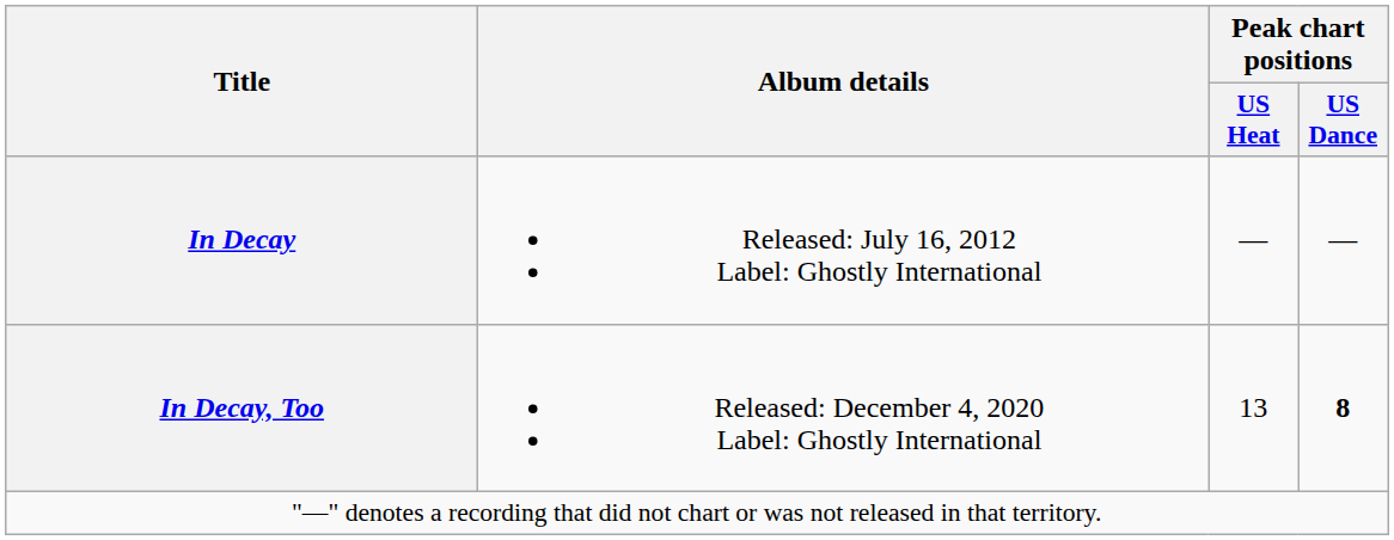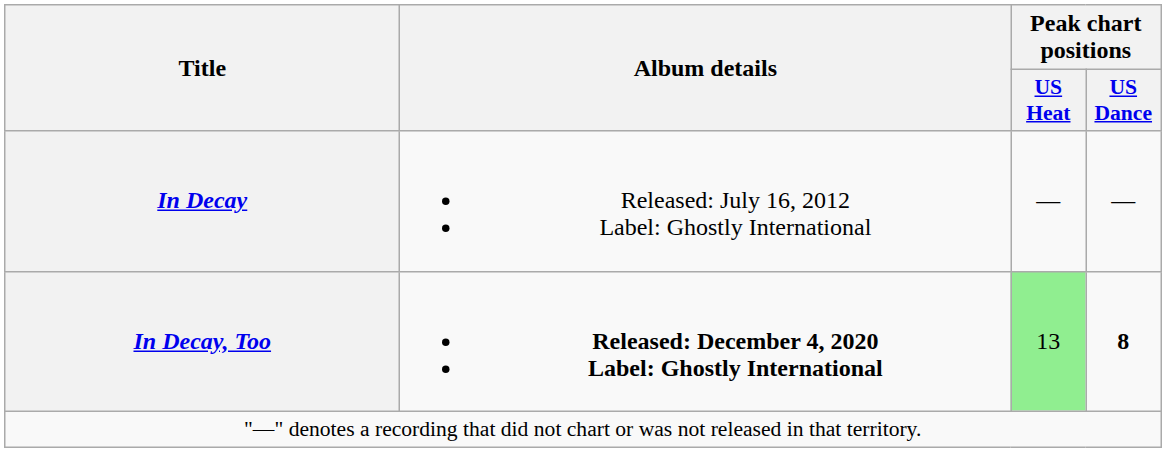 <table class="wikitable plainrowheaders" style="text-align:center;">
 <tr>
 <th scope="col" rowspan="2" style="width:16em;">Title</th>
 <th scope="col" rowspan="2" style="width:25em;">Album details</th>
 <th scope="col" colspan="2">Peak chart positions</th>
 </tr>
 <tr>
 <th scope="col" class="unsortable" style="width:3em; font-size:90%;"><a href='#'>US<br>Heat</a><br></th>
 <th scope="col" class="unsortable" style="width:3em;font-size:90%;"><a href='#'>US<br>Dance</a><br></th>
 </tr>
 <tr>
 <th scope="row"><em><a href='#'>In Decay</a></em></th>
 <td><br><ul><li>Released: July 16, 2012</li><li>Label: Ghostly International</li></ul></td>
 <td>—</td>
 <td>—</td>
 </tr>
 <tr>
 <th scope="row"><em><a href='#'>In Decay, Too</a></em></th>
-<td><br><ul><li>Released: December 4, 2020</li><li>Label: Ghostly International</li></ul></td>
-<td>13</td>
+<td><strong><br><ul><li>Released: December 4, 2020</li><li>Label: Ghostly International</li></ul></strong></td>
+<td style="background: lightgreen;">13</td>
 <td><strong>8</strong></td>
 </tr>
 <tr>
 <td colspan="14" style="font-size:90%">"—" denotes a recording that did not chart or was not released in that territory.</td>
 </tr>
 </table>
